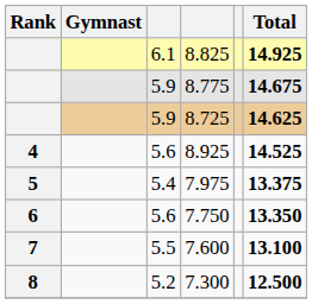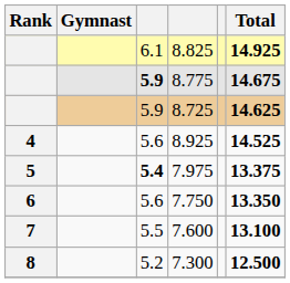 <table class="wikitable sortable" style="text-align:center; font-size:95%">
 <tr>
 <th scope=col>Rank</th>
 <th scope=col>Gymnast</th>
 <th scope=col></th>
 <th scope=col></th>
 <th scope=col></th>
 <th scope=col>Total</th>
 </tr>
 <tr bgcolor=fffcaf>
 <th scope=row style="text-align:center"></th>
 <td align=left></td>
 <td>6.1</td>
 <td>8.825</td>
 <td></td>
 <td><strong>14.925</strong></td>
 </tr>
 <tr bgcolor=e5e5e5>
 <th scope=row style="text-align:center"></th>
 <td align=left></td>
-<td>5.9</td>
+<td><strong>5.9</strong></td>
 <td>8.775</td>
 <td></td>
 <td><strong>14.675</strong></td>
 </tr>
 <tr bgcolor=eecc99>
 <th scope=row style="text-align:center"></th>
 <td align=left></td>
 <td>5.9</td>
 <td>8.725</td>
 <td></td>
 <td><strong>14.625</strong></td>
 </tr>
 <tr>
 <th scope=row style="text-align:center">4</th>
 <td align=left></td>
 <td>5.6</td>
 <td>8.925</td>
 <td></td>
 <td><strong>14.525</strong></td>
 </tr>
 <tr>
 <th scope=row style="text-align:center">5</th>
 <td align=left></td>
-<td>5.4</td>
+<td><strong>5.4</strong></td>
 <td>7.975</td>
 <td></td>
 <td><strong>13.375</strong></td>
 </tr>
 <tr>
 <th scope=row style="text-align:center">6</th>
 <td align=left></td>
 <td>5.6</td>
 <td>7.750</td>
 <td></td>
 <td><strong>13.350</strong></td>
 </tr>
 <tr>
 <th scope=row style="text-align:center">7</th>
 <td align=left></td>
 <td>5.5</td>
 <td>7.600</td>
 <td></td>
 <td><strong>13.100</strong></td>
 </tr>
 <tr>
 <th scope=row style="text-align:center">8</th>
 <td align=left></td>
 <td>5.2</td>
 <td>7.300</td>
 <td></td>
 <td><strong>12.500</strong></td>
 </tr>
 <tr>
 </tr>
 </table>
